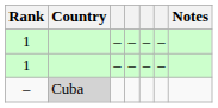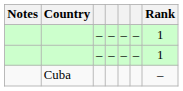 <table class="wikitable sortable" style="text-align: center;">
 <tr>
-<th>Rank</th>
+<th>Notes</th>
 <th>Country</th>
 <th></th>
 <th></th>
 <th></th>
 <th></th>
-<th>Notes</th>
+<th>Rank</th>
 </tr>
 <tr style="background:#cfc;">
-<td>1</td>
+<td></td>
 <td align=left></td>
 <td>–</td>
 <td>–</td>
 <td>–</td>
 <td>–</td>
-<td></td>
+<td>1</td>
 </tr>
 <tr style="background:#cfc;">
-<td>1</td>
+<td></td>
 <td align=left></td>
 <td>–</td>
 <td>–</td>
 <td>–</td>
 <td>–</td>
-<td></td>
+<td>1</td>
 </tr>
 <tr>
-<td>–</td>
-<td align=left style="background: lightgrey;">Cuba</td>
+<td></td>
+<td align=left>Cuba</td>
 <td></td>
 <td></td>
 <td></td>
 <td></td>
-<td></td>
+<td>–</td>
 </tr>
 </table>
